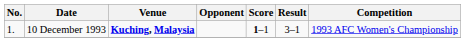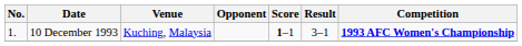 <table class="wikitable">
 <tr>
 <th>No.</th>
 <th>Date</th>
 <th>Venue</th>
 <th>Opponent</th>
 <th>Score</th>
 <th>Result</th>
 <th>Competition</th>
 </tr>
 <tr>
 <td>1.</td>
 <td>10 December 1993</td>
-<td><strong><a href='#'>Kuching</a>, <a href='#'>Malaysia</a></strong></td>
+<td><a href='#'>Kuching</a>, <a href='#'>Malaysia</a></td>
 <td></td>
 <td align=center><strong>1</strong>–1</td>
 <td align=center>3–1</td>
-<td><a href='#'>1993 AFC Women's Championship</a></td>
+<td><strong><a href='#'>1993 AFC Women's Championship</a></strong></td>
 </tr>
 <tr>
 </tr>
 </table>
